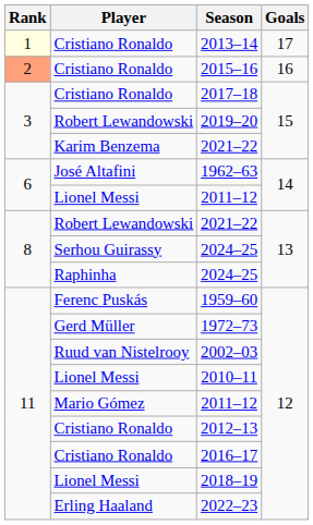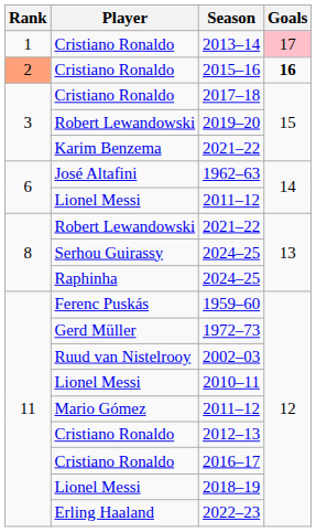 <table class="wikitable">
 <tr>
 <th>Rank</th>
 <th>Player</th>
 <th>Season</th>
 <th>Goals</th>
 </tr>
 <tr>
-<td align=center style="background: lightyellow;">1</td>
+<td align=center>1</td>
 <td> <a href='#'>Cristiano Ronaldo</a></td>
 <td align=center><a href='#'>2013–14</a></td>
-<td align=center>17</td>
+<td align=center style="background: pink;">17</td>
 </tr>
 <tr>
 <td align=center style="background: lightsalmon;">2</td>
 <td> <a href='#'>Cristiano Ronaldo</a></td>
 <td align=center><a href='#'>2015–16</a></td>
-<td align=center>16</td>
+<td align=center><strong>16</strong></td>
 </tr>
 <tr>
 <td rowspan="3" align=center>3</td>
 <td> <a href='#'>Cristiano Ronaldo</a></td>
 <td align=center><a href='#'>2017–18</a></td>
 <td rowspan="3" align=center>15</td>
 </tr>
 <tr>
 <td> <a href='#'>Robert Lewandowski</a></td>
 <td align=center><a href='#'>2019–20</a></td>
 </tr>
 <tr>
 <td> <a href='#'>Karim Benzema</a></td>
 <td align=center><a href='#'>2021–22</a></td>
 </tr>
 <tr>
 <td rowspan="2" align=center>6</td>
 <td> <a href='#'>José Altafini</a></td>
 <td align=center><a href='#'>1962–63</a></td>
 <td rowspan="2" align=center>14</td>
 </tr>
 <tr>
 <td> <a href='#'>Lionel Messi</a></td>
 <td align=center><a href='#'>2011–12</a></td>
 </tr>
 <tr>
 <td rowspan="3" align=center>8</td>
 <td> <a href='#'>Robert Lewandowski</a></td>
 <td align=center><a href='#'>2021–22</a></td>
 <td rowspan="3" align=center>13</td>
 </tr>
 <tr>
 <td> <a href='#'>Serhou Guirassy</a></td>
 <td align=center><a href='#'>2024–25</a></td>
 </tr>
 <tr>
 <td> <a href='#'>Raphinha</a></td>
 <td align=center><a href='#'>2024–25</a></td>
 </tr>
 <tr>
 <td rowspan="9" align=center>11</td>
 <td> <a href='#'>Ferenc Puskás</a></td>
 <td align=center><a href='#'>1959–60</a></td>
 <td rowspan="9" align=center>12</td>
 </tr>
 <tr>
 <td> <a href='#'>Gerd Müller</a></td>
 <td align=center><a href='#'>1972–73</a></td>
 </tr>
 <tr>
 <td> <a href='#'>Ruud van Nistelrooy</a></td>
 <td align=center><a href='#'>2002–03</a></td>
 </tr>
 <tr>
 <td> <a href='#'>Lionel Messi</a></td>
 <td align=center><a href='#'>2010–11</a></td>
 </tr>
 <tr>
 <td> <a href='#'>Mario Gómez</a></td>
 <td align=center><a href='#'>2011–12</a></td>
 </tr>
 <tr>
 <td> <a href='#'>Cristiano Ronaldo</a></td>
 <td align=center><a href='#'>2012–13</a></td>
 </tr>
 <tr>
 <td> <a href='#'>Cristiano Ronaldo</a></td>
 <td align=center><a href='#'>2016–17</a></td>
 </tr>
 <tr>
 <td> <a href='#'>Lionel Messi</a></td>
 <td align=center><a href='#'>2018–19</a></td>
 </tr>
 <tr>
 <td> <a href='#'>Erling Haaland</a></td>
 <td align=center><a href='#'>2022–23</a></td>
 </tr>
 </table>
